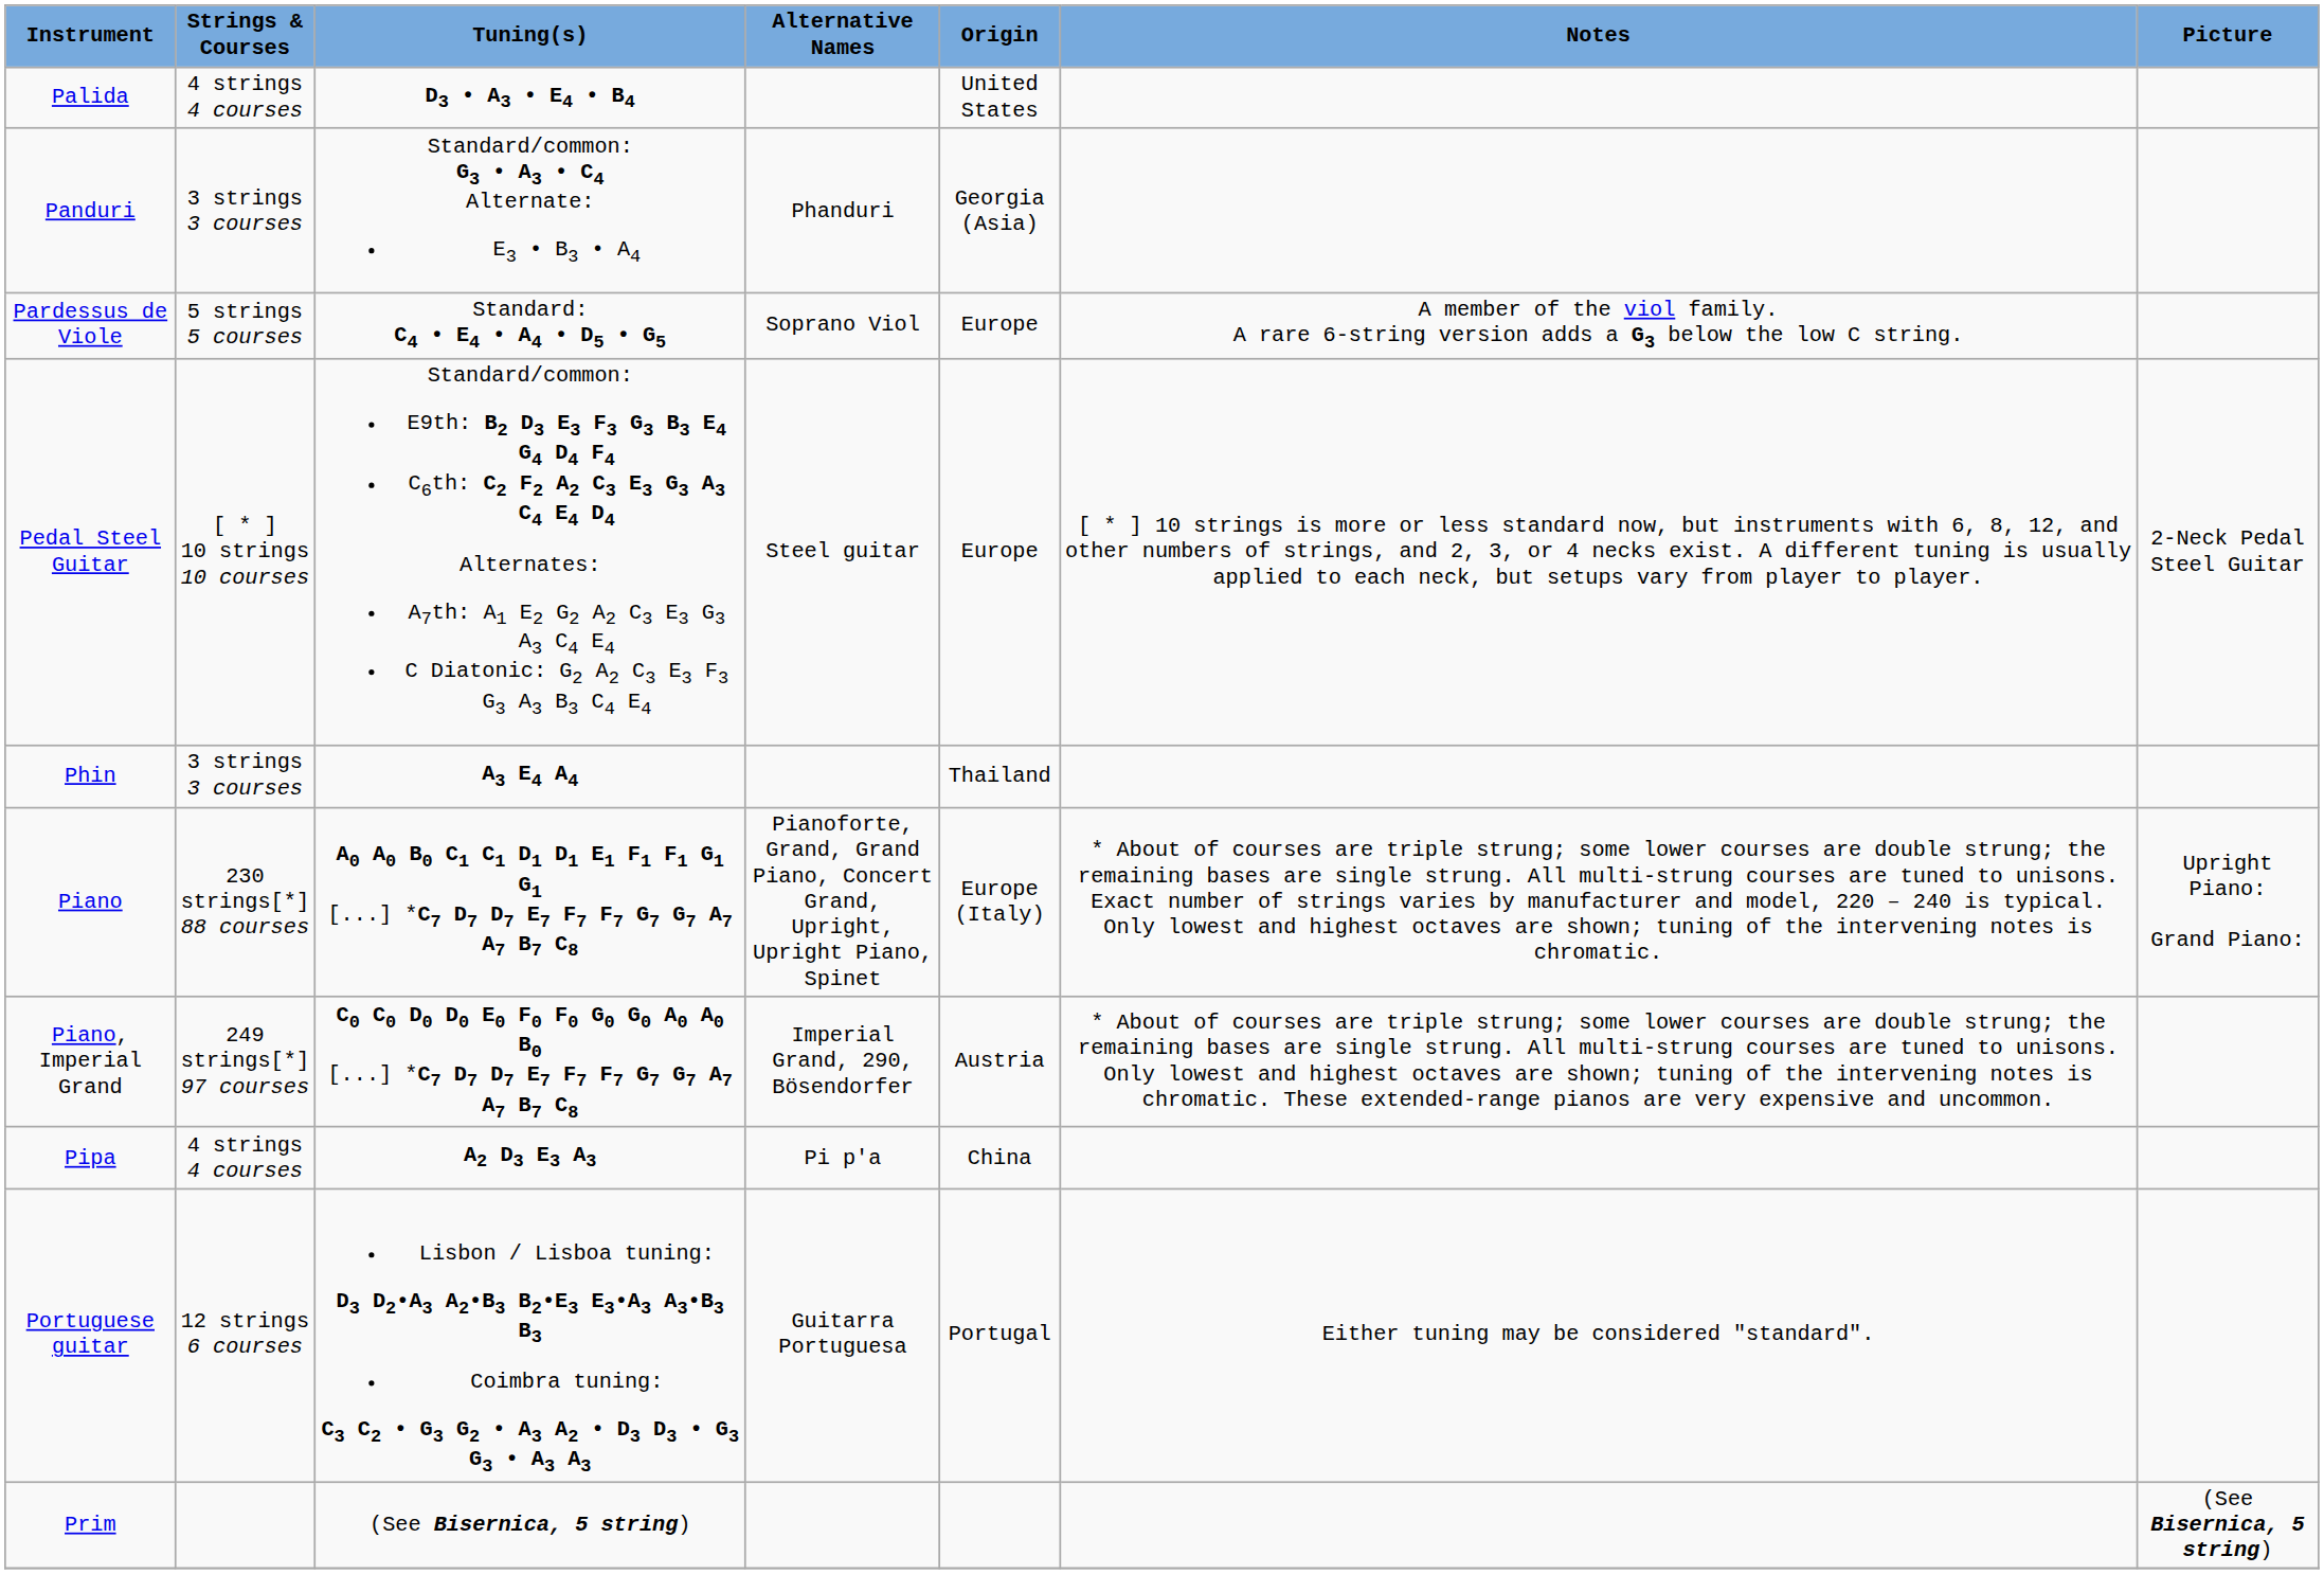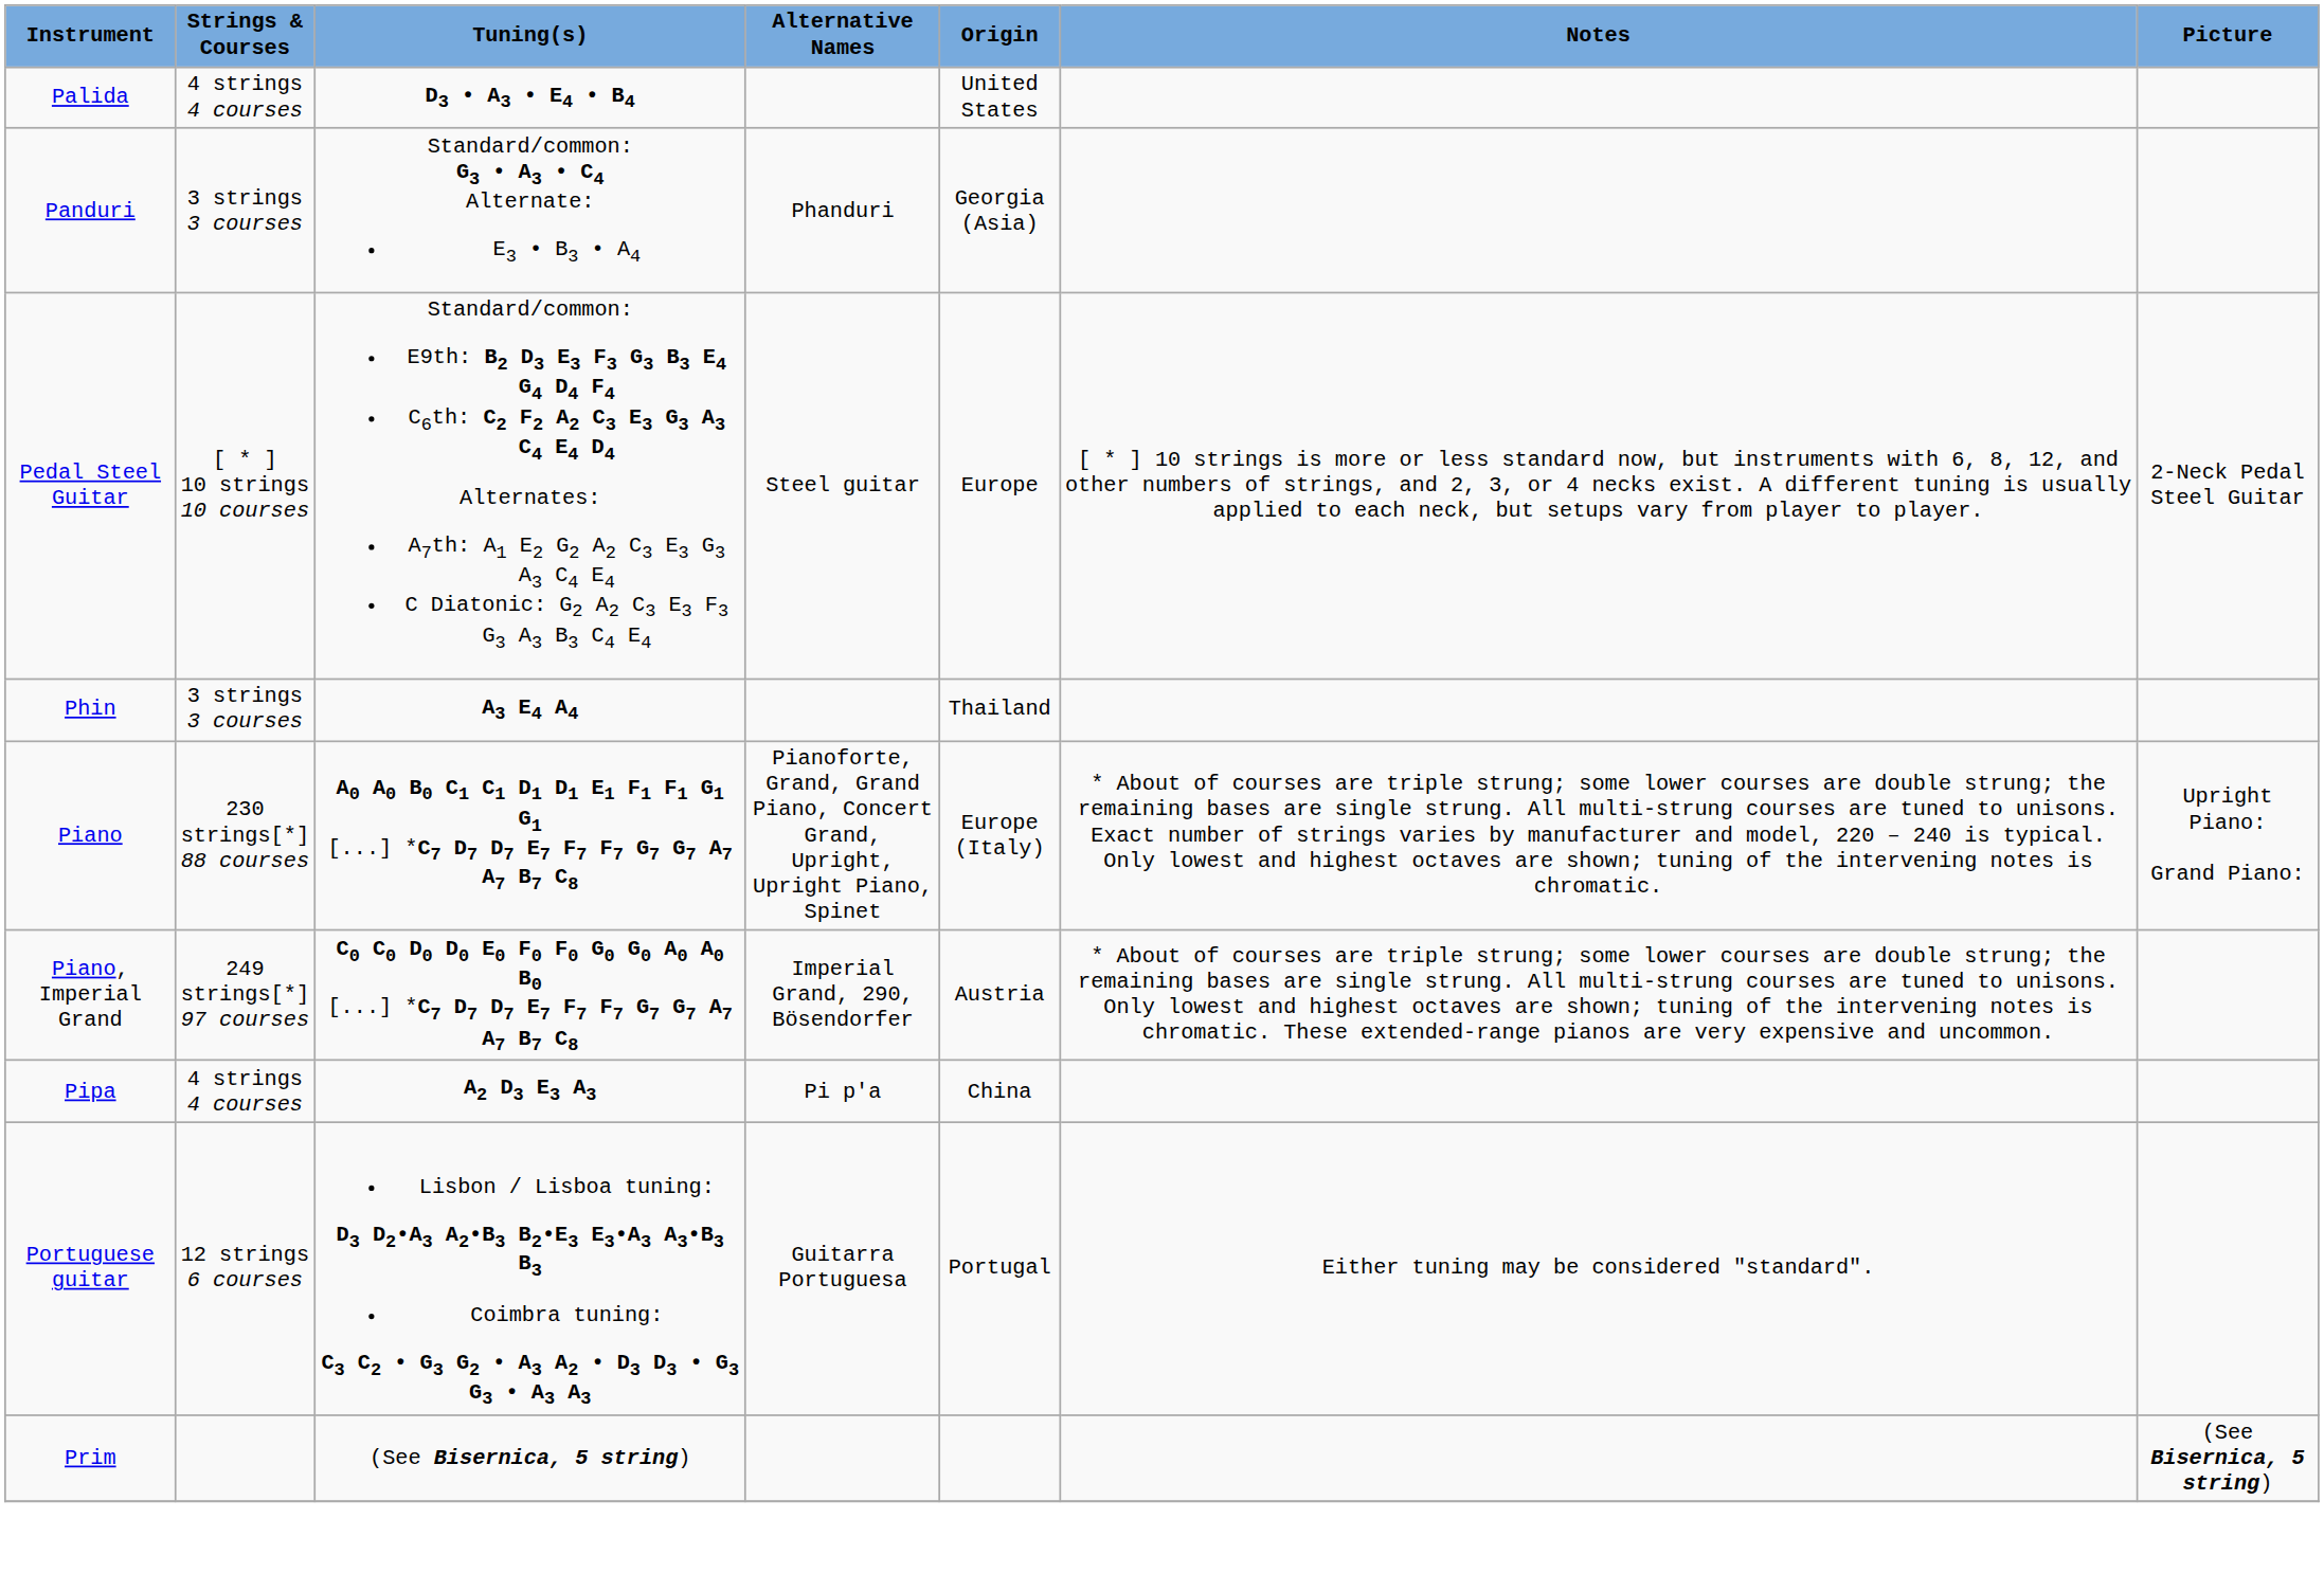 <table class="wikitable" style="margin:0.5em auto; clear:both; font-size:.9em; text-align:center; width:100%">
 <tr>
 <th style="background: #7ad;">Instrument</th>
 <th style="background: #7ad;" scope="col" width="64">Strings & Courses</th>
 <th style="background: #7ad;" scope="col" width="230">Tuning(s)</th>
 <th style="background: #7ad;" scope="col" width="100">Alternative Names</th>
 <th style="background: #7ad;" scope="col" width="60">Origin</th>
 <th style="background: #7ad;" scope="col" width'"104">Notes</th>
 <th style="background: #7ad;">Picture</th>
 </tr>
 <tr>
 <td><a href='#'>Palida</a></td>
 <td>4 strings<br><em>4 courses</em></td>
 <td><strong>D<sub>3</sub> • A<sub>3</sub> • E<sub>4</sub> • B<sub>4</sub></strong></td>
 <td></td>
 <td>United States</td>
 <td></td>
 <td></td>
 </tr>
 <tr>
 <td><a href='#'>Panduri</a></td>
 <td>3 strings<br><em>3 courses</em></td>
 <td>Standard/common:<br><strong>G<sub>3</sub> • A<sub>3</sub> • C<sub>4</sub></strong><br>Alternate:<ul><li>E<sub>3</sub> • B<sub>3</sub> • A<sub>4</sub></li></ul></td>
 <td>Phanduri</td>
 <td>Georgia (Asia)</td>
 <td></td>
-<td></td>
-</tr>
-<tr>
-<td><a href='#'>Pardessus de Viole</a></td>
-<td>5 strings<br><em>5 courses</em></td>
-<td>Standard:<br><strong>C<sub>4</sub> • E<sub>4</sub> • A<sub>4</sub> • D<sub>5</sub> • G<sub>5</sub></strong></td>
-<td>Soprano Viol</td>
-<td>Europe</td>
-<td>A member of the <a href='#'>viol</a> family.<br>A rare 6-string version adds a <strong>G<sub>3</sub></strong> below the low C string.</td>
 <td></td>
 </tr>
 <tr>
 <td><a href='#'>Pedal Steel Guitar</a></td>
 <td>[ * ]<br>10 strings <em>10 courses</em></td>
 <td>Standard/common:<br><ul><li>E9th: <strong>B<sub>2</sub> D<sub>3</sub> E<sub>3</sub> F<sub>3</sub> G<sub>3</sub> B<sub>3</sub> E<sub>4</sub> G<sub>4</sub> D<sub>4</sub> F<sub>4</sub></strong></li><li>C<sub>6</sub>th: <strong>C<sub>2</sub> F<sub>2</sub> A<sub>2</sub> C<sub>3</sub> E<sub>3</sub> G<sub>3</sub> A<sub>3</sub> C<sub>4</sub> E<sub>4</sub> D<sub>4</sub></strong></li></ul>Alternates:<ul><li>A<sub>7</sub>th: A<sub>1</sub> E<sub>2</sub> G<sub>2</sub> A<sub>2</sub> C<sub>3</sub> E<sub>3</sub> G<sub>3</sub> A<sub>3</sub> C<sub>4</sub> E<sub>4</sub></li><li>C Diatonic: G<sub>2</sub> A<sub>2</sub> C<sub>3</sub> E<sub>3</sub> F<sub>3</sub> G<sub>3</sub> A<sub>3</sub> B<sub>3</sub> C<sub>4</sub> E<sub>4</sub></li></ul></td>
 <td>Steel guitar</td>
 <td>Europe</td>
 <td>[ * ] 10 strings is more or less standard now, but instruments with 6, 8, 12, and other numbers of strings, and 2, 3, or 4 necks exist.  A different tuning is usually applied to each neck, but setups vary from player to player.</td>
 <td>2-Neck Pedal Steel Guitar<br></td>
 </tr>
 <tr>
 <td><a href='#'>Phin</a></td>
 <td>3 strings<br><em>3 courses</em></td>
 <td><strong>A<sub>3</sub> E<sub>4</sub> A<sub>4</sub></strong></td>
 <td></td>
 <td>Thailand</td>
 <td></td>
 <td></td>
 </tr>
 <tr>
 <td><a href='#'>Piano</a></td>
 <td>230 strings[*]<br><em>88 courses</em></td>
 <td><strong>A<sub>0</sub> A<sub>0</sub> B<sub>0</sub> C<sub>1</sub> C<sub>1</sub> D<sub>1</sub> D<sub>1</sub> E<sub>1</sub> F<sub>1</sub> F<sub>1</sub> G<sub>1</sub> G<sub>1</sub></strong><br>[...] *<strong>C<sub>7</sub> D<sub>7</sub> D<sub>7</sub> E<sub>7</sub> F<sub>7</sub> F<sub>7</sub> G<sub>7</sub> G<sub>7</sub> A<sub>7</sub> A<sub>7</sub> B<sub>7</sub> C<sub>8</sub></strong></td>
 <td>Pianoforte, Grand, Grand Piano, Concert Grand, Upright, Upright Piano, Spinet</td>
 <td>Europe (Italy)</td>
 <td>* About  of courses are triple strung; some lower courses are double strung; the remaining bases are single strung.  All multi-strung courses are tuned to unisons.  Exact number of strings varies by manufacturer and model, 220 – 240 is typical.  Only lowest and highest octaves are shown; tuning of the intervening notes is chromatic.</td>
 <td>Upright Piano:<br><br>Grand Piano: </td>
 </tr>
 <tr>
 <td><a href='#'>Piano</a>, Imperial Grand</td>
 <td>249 strings[*]<br><em>97 courses</em></td>
 <td><strong>C<sub>0</sub> C<sub>0</sub> D<sub>0</sub> D<sub>0</sub> E<sub>0</sub> F<sub>0</sub> F<sub>0</sub> G<sub>0</sub> G<sub>0</sub> A<sub>0</sub> A<sub>0</sub> B<sub>0</sub></strong><br>[...] *<strong>C<sub>7</sub> D<sub>7</sub> D<sub>7</sub> E<sub>7</sub> F<sub>7</sub> F<sub>7</sub> G<sub>7</sub> G<sub>7</sub> A<sub>7</sub> A<sub>7</sub> B<sub>7</sub> C<sub>8</sub></strong></td>
 <td>Imperial Grand, 290, Bösendorfer</td>
 <td>Austria</td>
 <td>* About  of courses are triple strung; some lower courses are double strung; the remaining bases are single strung.  All multi-strung courses are tuned to unisons.  Only lowest and highest octaves are shown; tuning of the intervening notes is chromatic.  These extended-range pianos are very expensive and uncommon.</td>
 <td></td>
 </tr>
 <tr>
 <td><a href='#'>Pipa</a></td>
 <td>4 strings<br><em>4 courses</em></td>
 <td><strong>A<sub>2</sub> D<sub>3</sub> E<sub>3</sub> A<sub>3</sub></strong></td>
 <td>Pi p'a</td>
 <td>China</td>
 <td></td>
 <td></td>
 </tr>
 <tr>
 <td><a href='#'>Portuguese guitar</a></td>
 <td>12 strings<br><em>6 courses</em></td>
 <td><br><ul><li>Lisbon / Lisboa tuning:</li></ul><strong>D<sub>3</sub> D<sub>2</sub>•A<sub>3</sub> A<sub>2</sub>•B<sub>3</sub> B<sub>2</sub>•E<sub>3</sub> E<sub>3</sub>•A<sub>3</sub> A<sub>3</sub>•B<sub>3</sub> B<sub>3</sub></strong><ul><li>Coimbra tuning:</li></ul><strong>C<sub>3</sub> C<sub>2</sub> • G<sub>3</sub> G<sub>2</sub> • A<sub>3</sub> A<sub>2</sub> • D<sub>3</sub> D<sub>3</sub> • G<sub>3</sub> G<sub>3</sub> • A<sub>3</sub> A<sub>3</sub></strong></td>
 <td>Guitarra Portuguesa</td>
 <td>Portugal</td>
 <td>Either tuning may be considered "standard".</td>
 <td></td>
 </tr>
 <tr>
 <td><a href='#'>Prim</a></td>
 <td></td>
 <td>(See <strong><em>Bisernica, 5 string</em></strong>)</td>
 <td></td>
 <td></td>
 <td></td>
 <td>(See <strong><em>Bisernica, 5 string</em></strong>)</td>
 </tr>
 <tr>
 </tr>
 </table>
